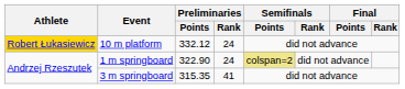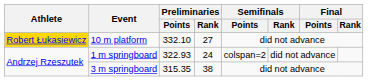 <table class="wikitable" style="text-align:center; font-size:90%">
 <tr>
 <th rowspan="2">Athlete</th>
 <th rowspan="2">Event</th>
 <th colspan="2">Preliminaries</th>
 <th colspan="2">Semifinals</th>
 <th colspan="2">Final</th>
 </tr>
 <tr style="font-size:95%">
 <th>Points</th>
 <th>Rank</th>
 <th>Points</th>
 <th>Rank</th>
 <th>Points</th>
 <th>Rank</th>
 </tr>
 <tr>
 <td align=left style="background: gold;"><a href='#'>Robert Łukasiewicz</a></td>
 <td align=left><a href='#'>10 m platform</a></td>
-<td>332.12</td>
-<td>24</td>
+<td>332.10</td>
+<td>27</td>
 <td colspan=4>did not advance</td>
 </tr>
 <tr>
 <td rowspan=2 align=left><a href='#'>Andrzej Rzeszutek</a></td>
 <td align=left><a href='#'>1 m springboard</a></td>
-<td>322.90</td>
+<td>322.93</td>
 <td>24</td>
-<td style="background: khaki;">colspan=2 </td>
+<td>colspan=2 </td>
 <td colspan=2>did not advance</td>
 </tr>
 <tr>
 <td align=left><a href='#'>3 m springboard</a></td>
 <td>315.35</td>
-<td>41</td>
+<td>38</td>
 <td colspan=4>did not advance</td>
 </tr>
 </table>
